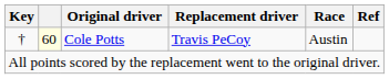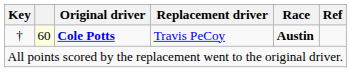 <table class="wikitable">
 <tr>
 <th>Key</th>
 <th></th>
 <th>Original driver</th>
 <th>Replacement driver</th>
 <th>Race</th>
 <th>Ref</th>
 </tr>
 <tr>
 <td align=center>†</td>
 <td style="background: lightyellow;">60</td>
-<td><a href='#'>Cole Potts</a></td>
+<td><strong><a href='#'>Cole Potts</a></strong></td>
 <td><a href='#'>Travis PeCoy</a></td>
-<td>Austin</td>
+<td><strong>Austin</strong></td>
 <td></td>
 </tr>
 <tr>
 <td colspan=6 align=center>All points scored by the replacement went to the original driver.</td>
 </tr>
 </table>
